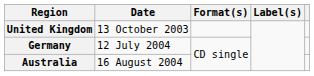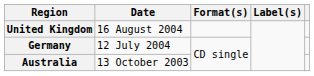 <table class="wikitable plainrowheaders">
 <tr>
 <th scope="col">Region</th>
 <th scope="col">Date</th>
 <th scope="col">Format(s)</th>
 <th scope="col">Label(s)</th>
 <th scope="col"></th>
 </tr>
 <tr>
 <th scope="row">United Kingdom</th>
-<td>13 October 2003</td>
+<td>16 August 2004</td>
 <td></td>
 <td rowspan="3"></td>
 <td></td>
 </tr>
 <tr>
 <th scope="row">Germany</th>
 <td>12 July 2004</td>
 <td rowspan="2">CD single</td>
 <td></td>
 </tr>
 <tr>
 <th scope="row">Australia</th>
-<td>16 August 2004</td>
+<td>13 October 2003</td>
 <td></td>
 </tr>
 </table>
